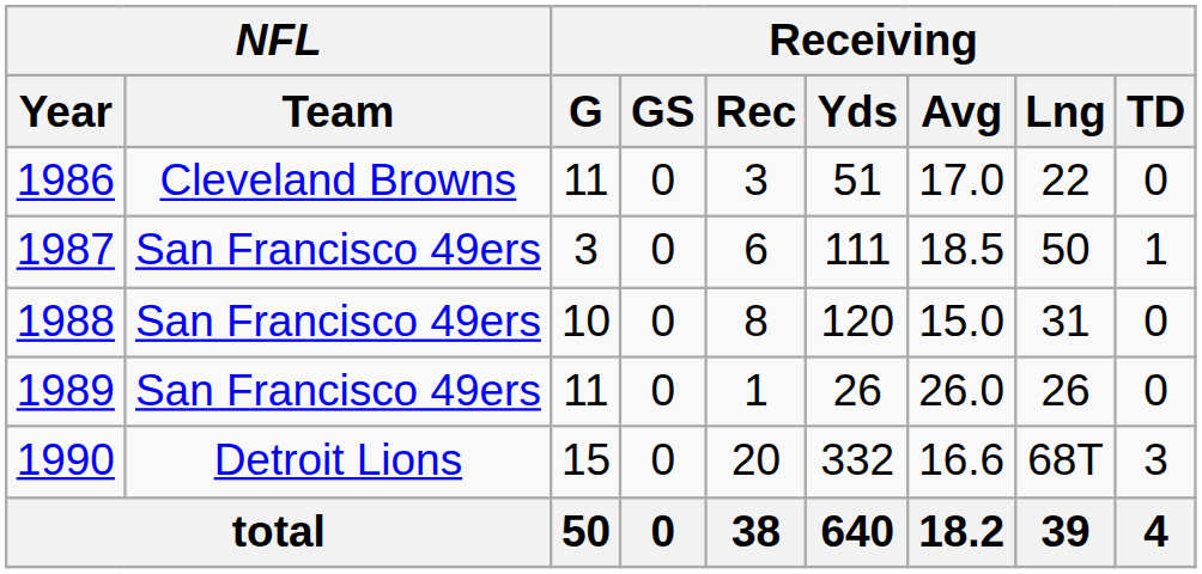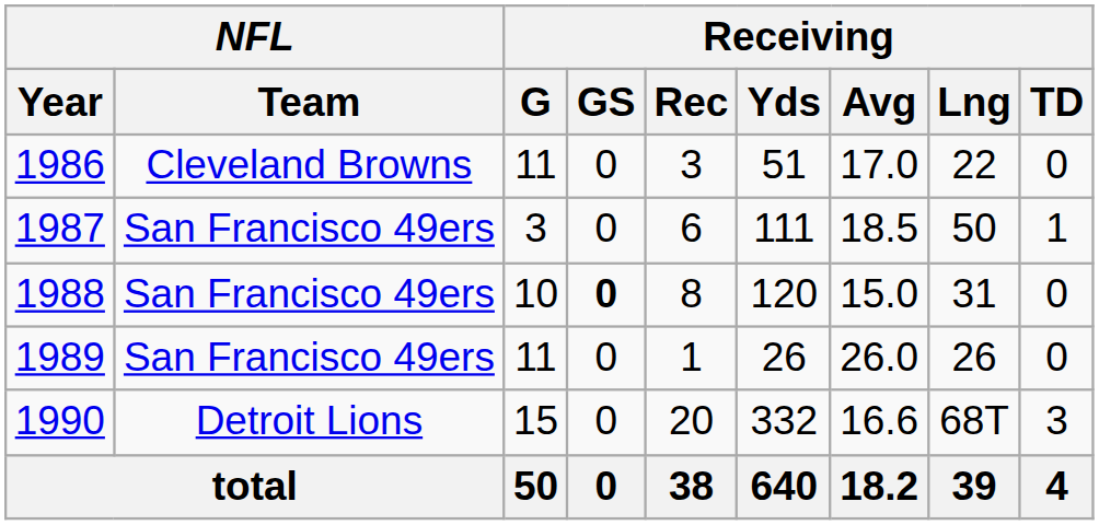 <table class="wikitable">
 <tr>
 <th colspan="2"><strong><em>NFL</em></strong></th>
 <th colspan="7">Receiving</th>
 </tr>
 <tr>
 <th>Year</th>
 <th>Team</th>
 <th>G</th>
 <th>GS</th>
 <th>Rec</th>
 <th>Yds</th>
 <th>Avg</th>
 <th>Lng</th>
 <th>TD</th>
 </tr>
 <tr style="text-align:center;">
 <td><a href='#'>1986</a></td>
 <td><a href='#'>Cleveland Browns</a></td>
 <td>11</td>
 <td>0</td>
 <td>3</td>
 <td>51</td>
 <td>17.0</td>
 <td>22</td>
 <td>0</td>
 </tr>
 <tr style="text-align:center;">
 <td><a href='#'>1987</a></td>
 <td><a href='#'>San Francisco 49ers</a></td>
 <td>3</td>
 <td>0</td>
 <td>6</td>
 <td>111</td>
 <td>18.5</td>
 <td>50</td>
 <td>1</td>
 </tr>
 <tr style="text-align:center;">
 <td><a href='#'>1988</a></td>
 <td><a href='#'>San Francisco 49ers</a></td>
 <td>10</td>
-<td>0</td>
+<td><strong>0</strong></td>
 <td>8</td>
 <td>120</td>
 <td>15.0</td>
 <td>31</td>
 <td>0</td>
 </tr>
 <tr style="text-align:center;">
 <td><a href='#'>1989</a></td>
 <td><a href='#'>San Francisco 49ers</a></td>
 <td>11</td>
 <td>0</td>
 <td>1</td>
 <td>26</td>
 <td>26.0</td>
 <td>26</td>
 <td>0</td>
 </tr>
 <tr style="text-align:center;">
 <td><a href='#'>1990</a></td>
 <td><a href='#'>Detroit Lions</a></td>
 <td>15</td>
 <td>0</td>
 <td>20</td>
 <td>332</td>
 <td>16.6</td>
 <td>68T</td>
 <td>3</td>
 </tr>
 <tr style="text-align:center;">
 <th colspan=2><strong>total</strong></th>
 <th>50</th>
 <th>0</th>
 <th>38</th>
 <th>640</th>
 <th>18.2</th>
 <th>39</th>
 <th>4</th>
 </tr>
 </table>
